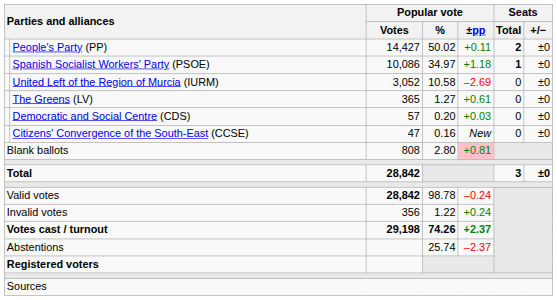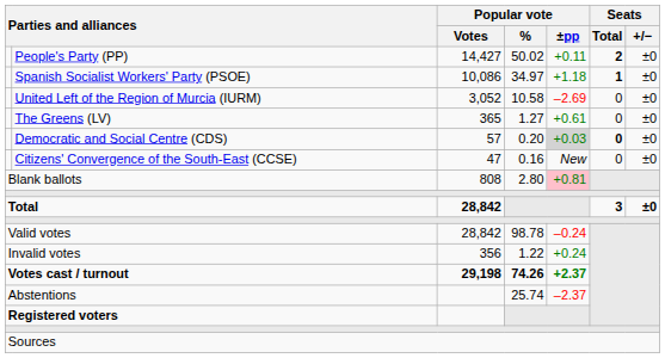 <table class="wikitable" style="text-align:right;">
 <tr>
 <th style="text-align:left;" rowspan="2" colspan="2" width="525">Parties and alliances</th>
 <th colspan="3">Popular vote</th>
 <th colspan="2">Seats</th>
 </tr>
 <tr>
 <th width="75">Votes</th>
 <th width="45">%</th>
 <th width="45">±<a href='#'>pp</a></th>
 <th width="35">Total</th>
 <th width="35">+/−</th>
 </tr>
 <tr>
 <td width="1" style="color:inherit;background:"></td>
 <td align="left"><a href='#'>People's Party</a> (PP)</td>
 <td>14,427</td>
 <td>50.02</td>
 <td style="color:green;">+0.11</td>
 <td><strong>2</strong></td>
 <td>±0</td>
 </tr>
 <tr>
 <td style="color:inherit;background:"></td>
 <td align="left"><a href='#'>Spanish Socialist Workers' Party</a> (PSOE)</td>
 <td>10,086</td>
 <td>34.97</td>
 <td style="color:green;">+1.18</td>
 <td><strong>1</strong></td>
 <td>±0</td>
 </tr>
 <tr>
 <td style="color:inherit;background:"></td>
 <td align="left"><a href='#'>United Left of the Region of Murcia</a> (IURM)</td>
 <td>3,052</td>
 <td>10.58</td>
 <td style="color:red;">–2.69</td>
 <td>0</td>
 <td>±0</td>
 </tr>
 <tr>
 <td style="color:inherit;background:"></td>
 <td align="left"><a href='#'>The Greens</a> (LV)</td>
 <td>365</td>
 <td>1.27</td>
 <td style="color:green;">+0.61</td>
 <td>0</td>
 <td>±0</td>
 </tr>
 <tr>
 <td style="color:inherit;background:"></td>
 <td align="left"><a href='#'>Democratic and Social Centre</a> (CDS)</td>
 <td>57</td>
 <td>0.20</td>
-<td style="color:green;">+0.03</td>
-<td>0</td>
+<td style="background: lightgrey; color:green;">+0.03</td>
+<td><strong>0</strong></td>
 <td>±0</td>
 </tr>
 <tr>
 <td style="color:inherit;background:"></td>
 <td align="left"><a href='#'>Citizens' Convergence of the South-East</a> (CCSE)</td>
 <td>47</td>
 <td>0.16</td>
 <td><em>New</em></td>
 <td>0</td>
 <td>±0</td>
 </tr>
 <tr>
 <td align="left" colspan="2">Blank ballots</td>
 <td>808</td>
 <td>2.80</td>
 <td style="background: pink; color:green;">+0.81</td>
 <td bgcolor="#E9E9E9" colspan="2"></td>
 </tr>
 <tr>
 <td colspan="7" bgcolor="#E9E9E9"></td>
 </tr>
 <tr style="font-weight:bold;">
 <td align="left" colspan="2">Total</td>
 <td>28,842</td>
 <td bgcolor="#E9E9E9" colspan="2"></td>
 <td>3</td>
 <td>±0</td>
 </tr>
 <tr>
 <td colspan="7" bgcolor="#E9E9E9"></td>
 </tr>
 <tr>
 <td align="left" colspan="2">Valid votes</td>
-<td><strong>28,842</strong></td>
+<td>28,842</td>
 <td>98.78</td>
 <td style="color:red;">–0.24</td>
 <td bgcolor="#E9E9E9" colspan="2" rowspan="5"></td>
 </tr>
 <tr>
 <td align="left" colspan="2">Invalid votes</td>
 <td>356</td>
 <td>1.22</td>
 <td style="color:green;">+0.24</td>
 </tr>
 <tr style="font-weight:bold;">
 <td align="left" colspan="2">Votes cast / turnout</td>
 <td>29,198</td>
 <td>74.26</td>
 <td style="color:green;">+2.37</td>
 </tr>
 <tr>
 <td align="left" colspan="2">Abstentions</td>
 <td></td>
 <td>25.74</td>
 <td style="color:red;">–2.37</td>
 </tr>
 <tr style="font-weight:bold;">
 <td align="left" colspan="2">Registered voters</td>
 <td></td>
 <td bgcolor="#E9E9E9" colspan="2"></td>
 </tr>
 <tr>
 <td colspan="7" bgcolor="#E9E9E9"></td>
 </tr>
 <tr>
 <td align="left" colspan="7">Sources</td>
 </tr>
 </table>
